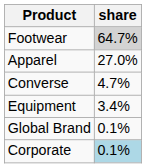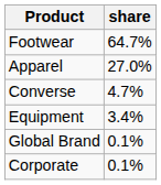 <table class="wikitable floatright">
 <tr>
 <th>Product</th>
 <th>share</th>
 </tr>
 <tr>
 <td>Footwear</td>
-<td style="background: lightgrey;">64.7%</td>
+<td>64.7%</td>
 </tr>
 <tr>
 <td>Apparel</td>
 <td>27.0%</td>
 </tr>
 <tr>
 <td>Converse</td>
 <td>4.7%</td>
 </tr>
 <tr>
 <td>Equipment</td>
 <td>3.4%</td>
 </tr>
 <tr>
 <td>Global Brand</td>
 <td>0.1%</td>
 </tr>
 <tr>
 <td>Corporate</td>
-<td style="background: lightblue;">0.1%</td>
+<td>0.1%</td>
 </tr>
 </table>
